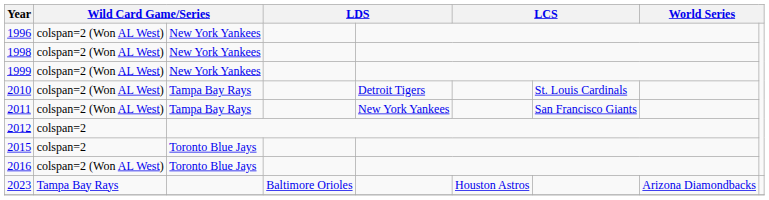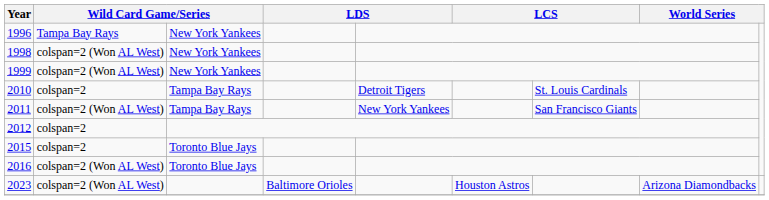 <table class="wikitable">
 <tr>
 <th>Year</th>
 <th colspan=2><a href='#'><span>Wild Card Game/Series</span></a></th>
 <th colspan=2><a href='#'><span>LDS</span></a></th>
 <th colspan=2><a href='#'><span>LCS</span></a></th>
 <th colspan=2><a href='#'><span>World Series</span></a></th>
 </tr>
 <tr>
 <td align=center><a href='#'>1996</a></td>
-<td>colspan=2  (Won <a href='#'>AL West</a>)</td>
+<td><a href='#'>Tampa Bay Rays</a></td>
 <td><a href='#'>New York Yankees</a></td>
 <td></td>
 <td colspan=4></td>
 </tr>
 <tr>
 <td align=center><a href='#'>1998</a></td>
 <td>colspan=2  (Won <a href='#'>AL West</a>)</td>
 <td><a href='#'>New York Yankees</a></td>
 <td></td>
 <td colspan=4></td>
 </tr>
 <tr>
 <td align=center><a href='#'>1999</a></td>
 <td>colspan=2  (Won <a href='#'>AL West</a>)</td>
 <td><a href='#'>New York Yankees</a></td>
 <td></td>
 <td colspan=4></td>
 </tr>
 <tr>
 <td align=center><a href='#'>2010</a></td>
-<td>colspan=2  (Won <a href='#'>AL West</a>)</td>
+<td>colspan=2 </td>
 <td><a href='#'>Tampa Bay Rays</a></td>
 <td></td>
 <td><a href='#'>Detroit Tigers</a></td>
 <td></td>
 <td><a href='#'>St. Louis Cardinals</a></td>
 <td></td>
 </tr>
 <tr>
 <td align=center><a href='#'>2011</a></td>
 <td>colspan=2  (Won <a href='#'>AL West</a>)</td>
 <td><a href='#'>Tampa Bay Rays</a></td>
 <td></td>
 <td><a href='#'>New York Yankees</a></td>
 <td></td>
 <td><a href='#'>San Francisco Giants</a></td>
 <td></td>
 </tr>
 <tr>
 <td align=center><a href='#'>2012</a></td>
 <td>colspan=2 </td>
 <td colspan=6></td>
 </tr>
 <tr>
 <td align=center><a href='#'>2015</a></td>
 <td>colspan=2 </td>
 <td><a href='#'>Toronto Blue Jays</a></td>
 <td></td>
 <td colspan=4></td>
 </tr>
 <tr>
 <td align=center><a href='#'>2016</a></td>
 <td>colspan=2  (Won <a href='#'>AL West</a>)</td>
 <td><a href='#'>Toronto Blue Jays</a></td>
 <td></td>
 <td colspan=4></td>
 </tr>
 <tr>
 <td align=center><a href='#'>2023</a></td>
-<td><a href='#'>Tampa Bay Rays</a></td>
+<td>colspan=2  (Won <a href='#'>AL West</a>)</td>
 <td></td>
 <td><a href='#'>Baltimore Orioles</a></td>
 <td></td>
 <td><a href='#'>Houston Astros</a></td>
 <td></td>
 <td><a href='#'>Arizona Diamondbacks</a></td>
 <td></td>
 </tr>
 <tr>
 </tr>
 </table>
